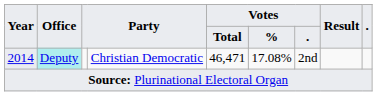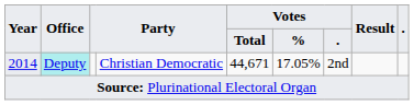 <table class="wikitable" style="font-size:90%; text-align:center;">
 <tr>
 <th style="background-color:#EAECF0;" rowspan=2>Year</th>
 <th style="background-color:#EAECF0;" rowspan=2>Office</th>
 <th style="background-color:#EAECF0;" colspan=2 rowspan=2>Party</th>
 <th style="background-color:#EAECF0;" colspan=3>Votes</th>
 <th style="background-color:#EAECF0;" rowspan=2>Result</th>
 <th style="background-color:#EAECF0;" rowspan=2>.</th>
 </tr>
 <tr>
 <th style="background-color:#EAECF0;">Total</th>
 <th style="background-color:#EAECF0;">%</th>
 <th style="background-color:#EAECF0;">.</th>
 </tr>
 <tr>
 <td style="background-color:#EAECF0;"><a href='#'>2014</a></td>
 <td style="background: paleturquoise;"><a href='#'>Deputy</a></td>
 <td style="background-color:"></td>
 <td><a href='#'>Christian Democratic</a></td>
-<td>46,471</td>
-<td>17.08%</td>
+<td>44,671</td>
+<td>17.05%</td>
 <td>2nd</td>
 <td></td>
 <td></td>
 </tr>
 <tr>
 <td style="background-color:#EAECF0;" colspan=9><strong>Source:</strong> <a href='#'>Plurinational Electoral Organ</a>  </td>
 </tr>
 </table>
